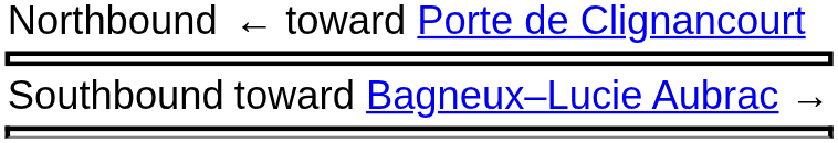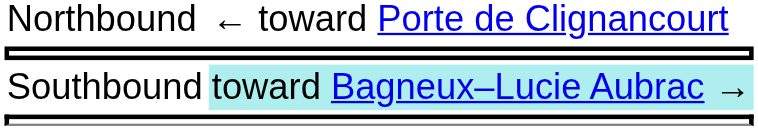 <table>
 <tr>
 <td>Northbound</td>
 <td>←   toward <a href='#'>Porte de Clignancourt</a> </td>
 </tr>
 <tr>
 <td style="border-top:solid 2px black;border-right:solid 2px black;border-left:solid 2px black;border-bottom:solid 2px black;text-align:center;" colspan=2></td>
 </tr>
 <tr>
 <td>Southbound</td>
-<td>   toward <a href='#'>Bagneux–Lucie Aubrac</a>  →</td>
+<td style="background: paleturquoise;">   toward <a href='#'>Bagneux–Lucie Aubrac</a>  →</td>
 </tr>
 <tr>
 <td style="border-top:solid 2px black;border-right:solid 2px black;border-left:solid 2px black;border-bottom:solid 1px gray;text-align:center;" colspan=2></td>
 </tr>
 </table>
